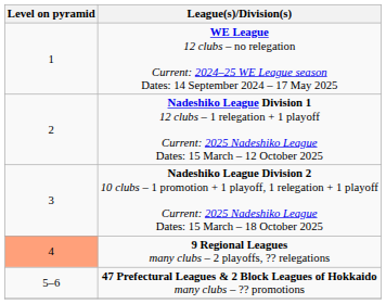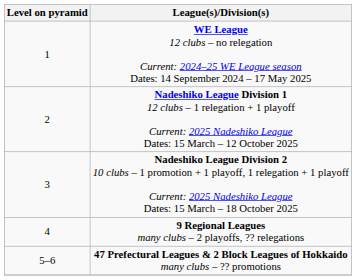 <table class="wikitable" style="text-align: center;">
 <tr>
 <th>Level on pyramid</th>
 <th colspan="2">League(s)/Division(s)</th>
 </tr>
 <tr>
 <td>1</td>
 <td colspan="2"><strong><a href='#'>WE League</a></strong> <br><em>12 clubs</em> – no relegation<br><br><em>Current: <a href='#'>2024–25 WE League season</a></em><br>Dates: 14 September 2024 – 17 May 2025</td>
 </tr>
 <tr>
 <td>2</td>
 <td colspan="2"><strong><a href='#'>Nadeshiko League</a> Division 1</strong> <br><em>12 clubs</em> – 1 relegation + 1 playoff<br><br><em>Current: <a href='#'>2025 Nadeshiko League</a></em><br>Dates: 15 March – 12 October 2025</td>
 </tr>
 <tr>
 <td>3</td>
 <td colspan="2"><strong>Nadeshiko League Division 2</strong> <br><em>10 clubs</em> – 1 promotion + 1 playoff, 1 relegation + 1 playoff<br><br><em>Current: <a href='#'>2025 Nadeshiko League</a></em><br>Dates: 15 March – 18 October 2025</td>
 </tr>
 <tr>
-<td style="background: lightsalmon;">4</td>
+<td>4</td>
 <td colspan="2"><strong>9</strong> <strong>Regional Leagues</strong> <br><em>many clubs</em> – 2 playoffs, ?? relegations</td>
 </tr>
 <tr>
 <td>5–6</td>
 <td><strong>47 Prefectural Leagues & 2 Block Leagues of Hokkaido</strong> <br><em>many clubs</em> – ?? promotions</td>
 </tr>
 <tr>
 </tr>
 </table>
